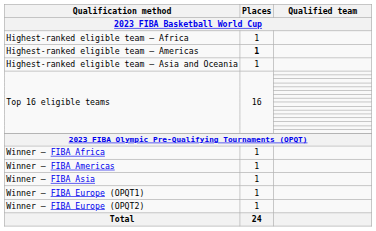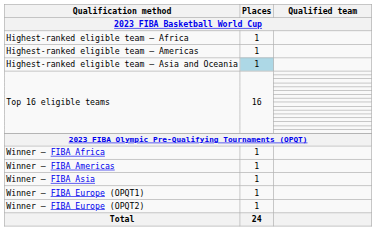 <table class="wikitable">
 <tr>
 <th>Qualification method</th>
 <th>Places</th>
 <th width=150>Qualified team</th>
 </tr>
 <tr>
 <th colspan=3><a href='#'>2023 FIBA Basketball World Cup</a></th>
 </tr>
 <tr>
 <td>Highest-ranked eligible team – Africa</td>
 <td align=center>1</td>
 <td></td>
 </tr>
 <tr>
 <td>Highest-ranked eligible team – Americas</td>
-<td align=center><strong>1</strong></td>
+<td align=center>1</td>
 <td></td>
 </tr>
 <tr>
 <td>Highest-ranked eligible team – Asia and Oceania</td>
-<td align=center>1</td>
+<td align=center style="background: lightblue;">1</td>
 <td></td>
 </tr>
 <tr>
 <td rowspan=16>Top 16 eligible teams</td>
 <td rowspan=16 align=center>16</td>
 <td></td>
 </tr>
 <tr>
 <td></td>
 </tr>
 <tr>
 <td></td>
 </tr>
 <tr>
 <td></td>
 </tr>
 <tr>
 <td></td>
 </tr>
 <tr>
 <td></td>
 </tr>
 <tr>
 <td></td>
 </tr>
 <tr>
 <td></td>
 </tr>
 <tr>
 <td></td>
 </tr>
 <tr>
 <td></td>
 </tr>
 <tr>
 <td></td>
 </tr>
 <tr>
 <td></td>
 </tr>
 <tr>
 <td></td>
 </tr>
 <tr>
 <td></td>
 </tr>
 <tr>
 <td></td>
 </tr>
 <tr>
 <td></td>
 </tr>
 <tr>
 </tr>
 <tr style="font-size: 95%">
 <th colspan=3><a href='#'>2023 FIBA Olympic Pre-Qualifying Tournaments (OPQT)</a></th>
 </tr>
 <tr>
 <td>Winner – <a href='#'>FIBA Africa</a></td>
 <td align=center>1</td>
 <td></td>
 </tr>
 <tr>
 <td>Winner – <a href='#'>FIBA Americas</a></td>
 <td align=center>1</td>
 <td></td>
 </tr>
 <tr>
 <td>Winner – <a href='#'>FIBA Asia</a></td>
 <td align=center>1</td>
 <td></td>
 </tr>
 <tr>
 <td>Winner – <a href='#'>FIBA Europe</a> (OPQT1)</td>
 <td align=center>1</td>
 <td></td>
 </tr>
 <tr>
 <td>Winner – <a href='#'>FIBA Europe</a> (OPQT2)</td>
 <td align=center>1</td>
 <td></td>
 </tr>
 <tr>
 <th>Total</th>
 <th>24</th>
 <th></th>
 </tr>
 </table>
